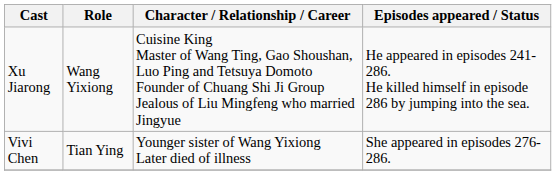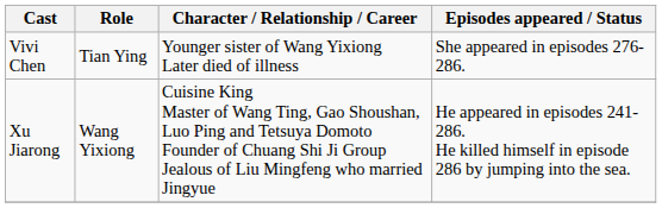 <table class="wikitable">
 <tr>
 <th>Cast</th>
 <th>Role</th>
 <th>Character / Relationship / Career</th>
 <th>Episodes appeared / Status</th>
 </tr>
 <tr>
+<td>Vivi Chen</td>
+<td>Tian Ying</td>
+<td>Younger sister of Wang Yixiong<br>Later died of illness</td>
+<td>She appeared in episodes 276-286.</td>
+</tr>
+<tr>
 <td>Xu Jiarong</td>
 <td>Wang Yixiong</td>
 <td>Cuisine King<br>Master of Wang Ting, Gao Shoushan, Luo Ping and Tetsuya Domoto<br>Founder of Chuang Shi Ji Group<br>Jealous of Liu Mingfeng who married Jingyue</td>
 <td>He appeared in episodes 241-286.<br>He killed himself in episode 286 by jumping into the sea.</td>
 </tr>
 <tr>
-<td>Vivi Chen</td>
-<td>Tian Ying</td>
-<td>Younger sister of Wang Yixiong<br>Later died of illness</td>
-<td>She appeared in episodes 276-286.</td>
-</tr>
-<tr>
 </tr>
 </table>
